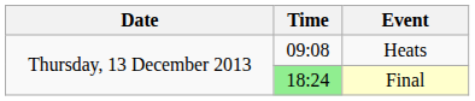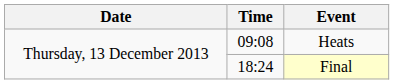 <table class = "wikitable" style="text-align:center;">
 <tr>
 <th width=220>Date</th>
 <th width=50>Time</th>
 <th width=100>Event</th>
 </tr>
 <tr>
 <td rowspan=2>Thursday, 13 December 2013</td>
 <td>09:08</td>
 <td>Heats</td>
 </tr>
 <tr>
-<td style="background: lightgreen;">18:24</td>
+<td>18:24</td>
 <td bgcolor=ffffcc>Final</td>
 </tr>
 </table>
